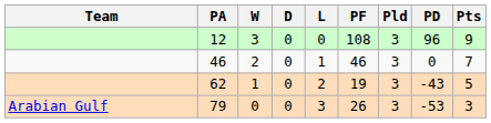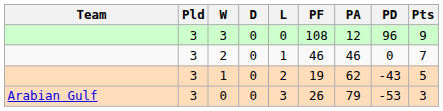 <table class="wikitable" style="text-align:center;">
 <tr>
 <th width=175>Team</th>
-<th width=32 abbr="Points against">PA</th>
+<th width=25 abbr="Played">Pld</th>
 <th width=25 abbr="Won">W</th>
 <th width=25 abbr="Drawn">D</th>
 <th width=25 abbr="Lost">L</th>
 <th width=32 abbr="Points for">PF</th>
-<th width=25 abbr="Played">Pld</th>
+<th width=32 abbr="Points against">PA</th>
 <th width=32 abbr="Points difference">PD</th>
 <th width=25 abbr="Points">Pts</th>
 </tr>
 <tr bgcolor="#ccffcc">
 <td align=left></td>
-<td>12</td>
+<td>3</td>
 <td>3</td>
 <td>0</td>
 <td>0</td>
 <td>108</td>
-<td>3</td>
+<td>12</td>
 <td>96</td>
 <td>9</td>
 </tr>
 <tr>
 <td align=left></td>
-<td>46</td>
+<td>3</td>
 <td>2</td>
 <td>0</td>
 <td>1</td>
 <td>46</td>
-<td>3</td>
+<td>46</td>
 <td>0</td>
 <td>7</td>
 </tr>
 <tr bgcolor="#ffddbb">
 <td align=left></td>
-<td>62</td>
+<td>3</td>
 <td>1</td>
 <td>0</td>
 <td>2</td>
 <td>19</td>
-<td>3</td>
+<td>62</td>
 <td>-43</td>
 <td>5</td>
 </tr>
 <tr bgcolor="#ffddbb">
 <td align=left> <a href='#'>Arabian Gulf</a></td>
-<td>79</td>
+<td>3</td>
 <td>0</td>
 <td>0</td>
 <td>3</td>
 <td>26</td>
-<td>3</td>
+<td>79</td>
 <td>-53</td>
 <td>3</td>
 </tr>
 </table>
